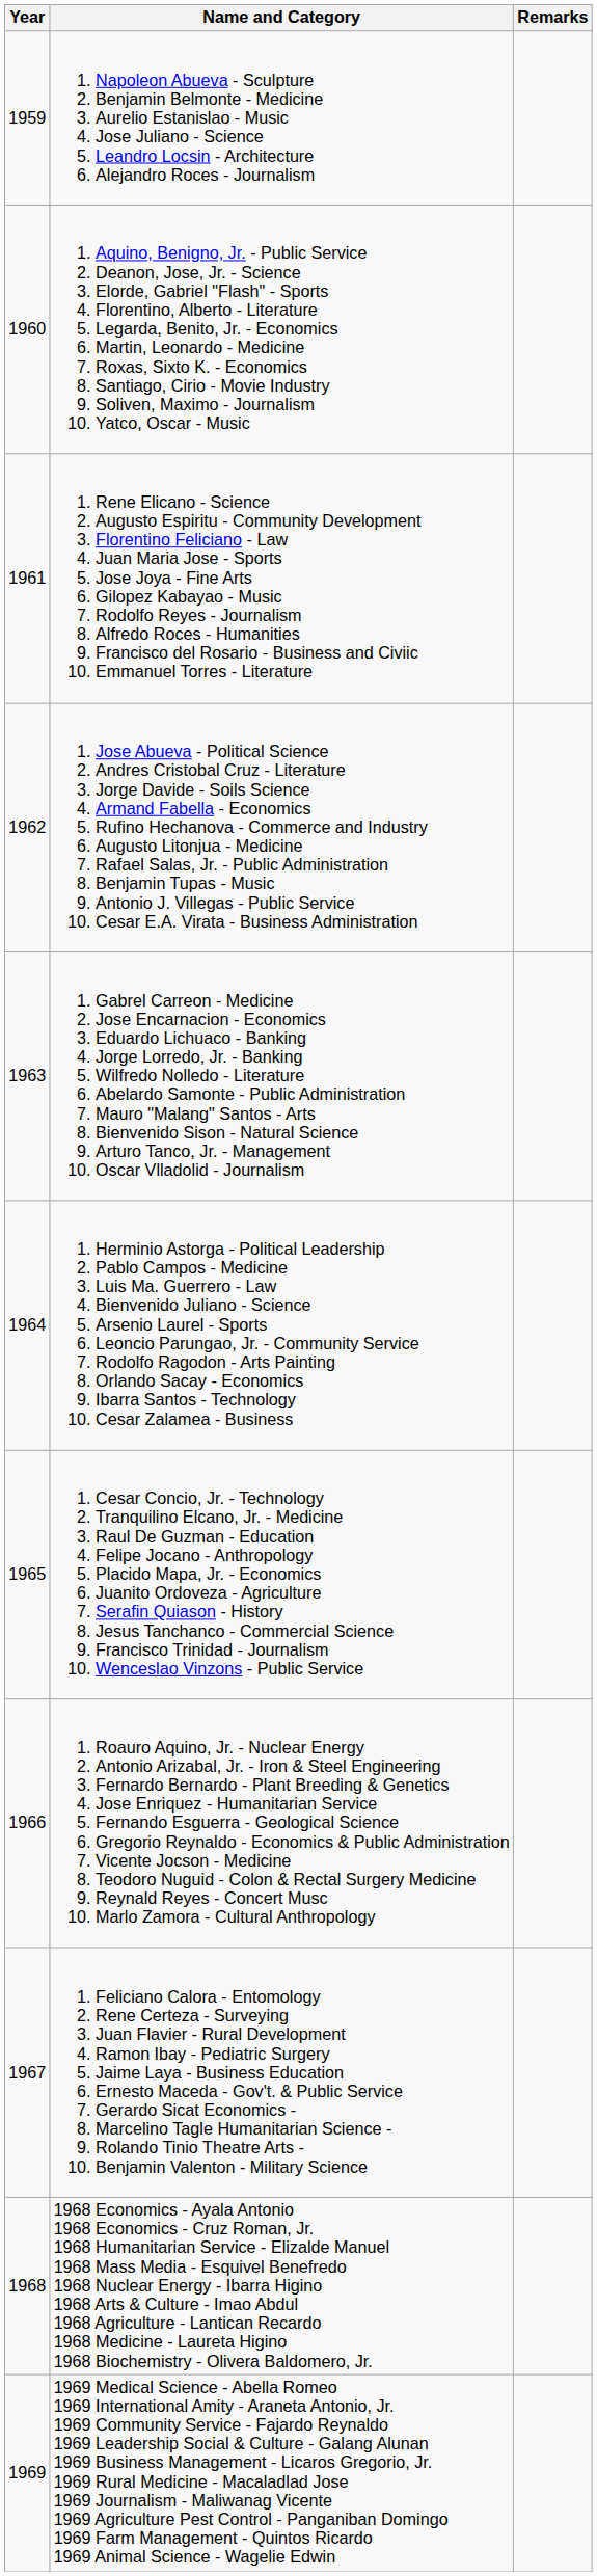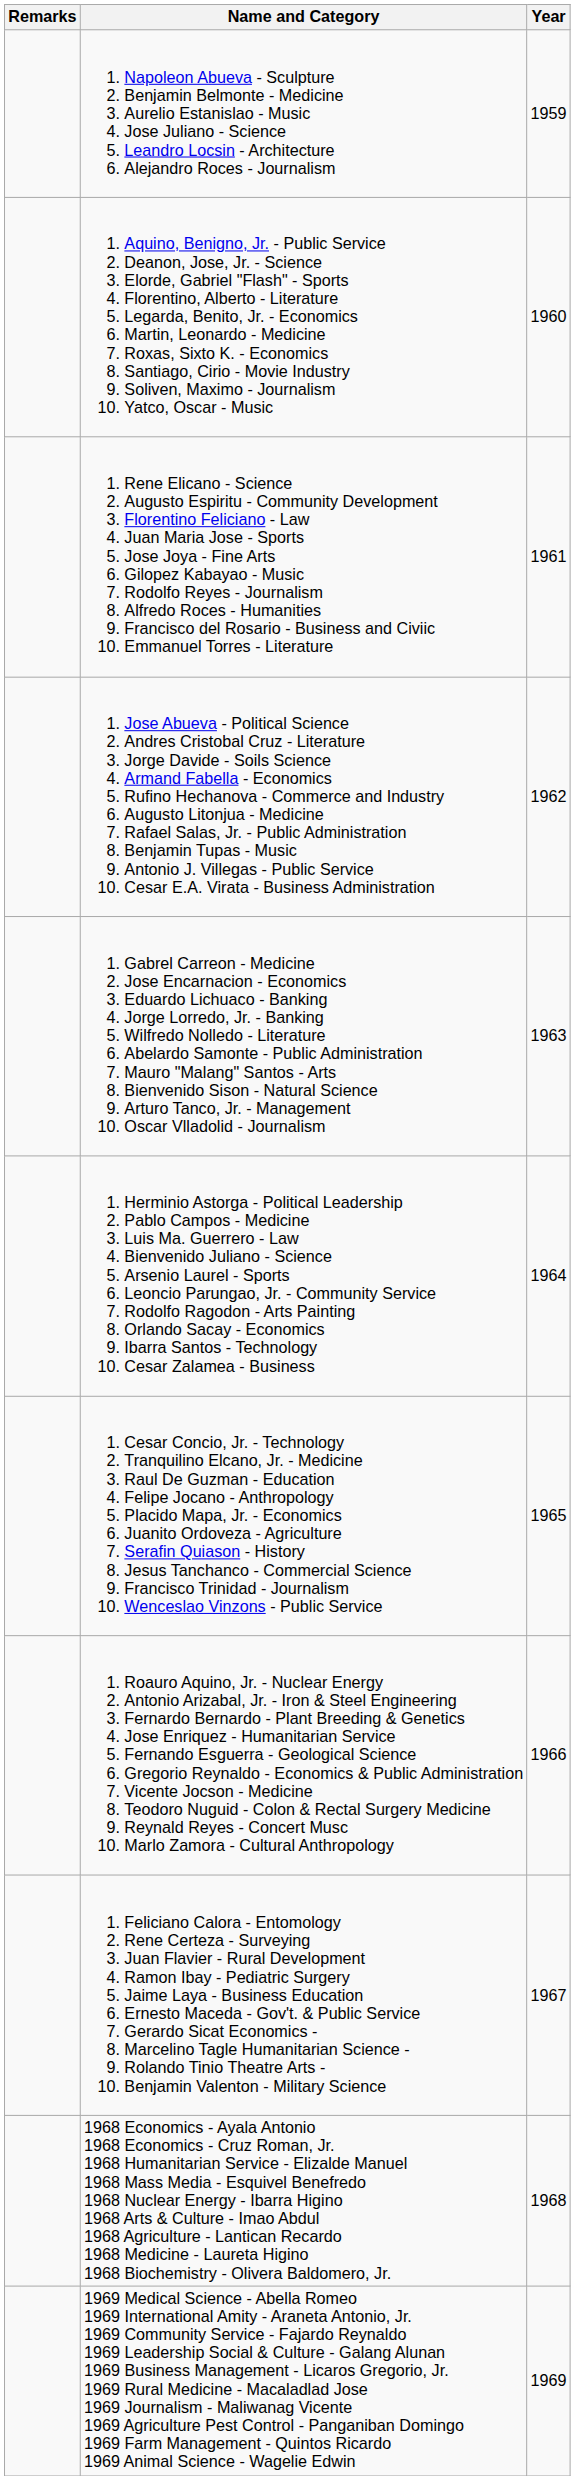 <table class="wikitable">
 <tr>
+<th>Remarks</th>
+<th>Name and Category</th>
 <th>Year</th>
-<th>Name and Category</th>
-<th>Remarks</th>
 </tr>
 <tr>
+<td></td>
+<td><br><ol><li><a href='#'>Napoleon Abueva</a>  - Sculpture</li><li>Benjamin Belmonte - Medicine</li><li>Aurelio Estanislao - Music</li><li>Jose Juliano - Science</li><li><a href='#'>Leandro Locsin</a> - Architecture</li><li>Alejandro Roces - Journalism</li></ol></td>
 <td>1959</td>
-<td><br><ol><li><a href='#'>Napoleon Abueva</a>  - Sculpture</li><li>Benjamin Belmonte - Medicine</li><li>Aurelio Estanislao - Music</li><li>Jose Juliano - Science</li><li><a href='#'>Leandro Locsin</a> - Architecture</li><li>Alejandro Roces - Journalism</li></ol></td>
-<td></td>
 </tr>
 <tr>
+<td></td>
+<td><br><ol><li><a href='#'>Aquino, Benigno, Jr.</a> - Public Service</li><li>Deanon, Jose, Jr. - Science</li><li>Elorde, Gabriel "Flash" - Sports</li><li>Florentino, Alberto - Literature</li><li>Legarda, Benito, Jr. - Economics</li><li>Martin, Leonardo - Medicine</li><li>Roxas, Sixto K. - Economics</li><li>Santiago, Cirio - Movie Industry</li><li>Soliven, Maximo - Journalism</li><li>Yatco, Oscar - Music</li></ol></td>
 <td>1960</td>
-<td><br><ol><li><a href='#'>Aquino, Benigno, Jr.</a> - Public Service</li><li>Deanon, Jose, Jr. - Science</li><li>Elorde, Gabriel "Flash" - Sports</li><li>Florentino, Alberto - Literature</li><li>Legarda, Benito, Jr. - Economics</li><li>Martin, Leonardo - Medicine</li><li>Roxas, Sixto K. - Economics</li><li>Santiago, Cirio - Movie Industry</li><li>Soliven, Maximo - Journalism</li><li>Yatco, Oscar - Music</li></ol></td>
-<td></td>
 </tr>
 <tr>
+<td></td>
+<td><br><ol><li>Rene Elicano - Science</li><li>Augusto Espiritu - Community Development</li><li><a href='#'>Florentino Feliciano</a> - Law</li><li>Juan Maria Jose - Sports</li><li>Jose Joya - Fine Arts</li><li>Gilopez Kabayao - Music</li><li>Rodolfo Reyes - Journalism</li><li>Alfredo Roces - Humanities</li><li>Francisco del Rosario - Business and Civiic</li><li>Emmanuel Torres - Literature</li></ol></td>
 <td>1961</td>
-<td><br><ol><li>Rene Elicano - Science</li><li>Augusto Espiritu - Community Development</li><li><a href='#'>Florentino Feliciano</a> - Law</li><li>Juan Maria Jose - Sports</li><li>Jose Joya - Fine Arts</li><li>Gilopez Kabayao - Music</li><li>Rodolfo Reyes - Journalism</li><li>Alfredo Roces - Humanities</li><li>Francisco del Rosario - Business and Civiic</li><li>Emmanuel Torres - Literature</li></ol></td>
-<td></td>
 </tr>
 <tr>
+<td></td>
+<td><br><ol><li><a href='#'>Jose Abueva</a> - Political Science</li><li>Andres Cristobal Cruz - Literature</li><li>Jorge Davide - Soils Science</li><li><a href='#'>Armand Fabella</a> - Economics</li><li>Rufino Hechanova - Commerce and Industry</li><li>Augusto Litonjua - Medicine</li><li>Rafael Salas, Jr. - Public Administration</li><li>Benjamin Tupas - Music</li><li>Antonio J. Villegas - Public Service</li><li>Cesar E.A. Virata - Business Administration</li></ol></td>
 <td>1962</td>
-<td><br><ol><li><a href='#'>Jose Abueva</a> - Political Science</li><li>Andres Cristobal Cruz - Literature</li><li>Jorge Davide - Soils Science</li><li><a href='#'>Armand Fabella</a> - Economics</li><li>Rufino Hechanova - Commerce and Industry</li><li>Augusto Litonjua - Medicine</li><li>Rafael Salas, Jr. - Public Administration</li><li>Benjamin Tupas - Music</li><li>Antonio J. Villegas - Public Service</li><li>Cesar E.A. Virata - Business Administration</li></ol></td>
-<td></td>
 </tr>
 <tr>
+<td></td>
+<td><br><ol><li>Gabrel Carreon - Medicine</li><li>Jose Encarnacion - Economics</li><li>Eduardo Lichuaco - Banking</li><li>Jorge Lorredo, Jr. - Banking</li><li>Wilfredo Nolledo - Literature</li><li>Abelardo Samonte - Public Administration</li><li>Mauro "Malang" Santos - Arts</li><li>Bienvenido Sison - Natural Science</li><li>Arturo Tanco, Jr. - Management</li><li>Oscar Vlladolid - Journalism</li></ol></td>
 <td>1963</td>
-<td><br><ol><li>Gabrel Carreon - Medicine</li><li>Jose Encarnacion - Economics</li><li>Eduardo Lichuaco - Banking</li><li>Jorge Lorredo, Jr. - Banking</li><li>Wilfredo Nolledo - Literature</li><li>Abelardo Samonte - Public Administration</li><li>Mauro "Malang" Santos - Arts</li><li>Bienvenido Sison - Natural Science</li><li>Arturo Tanco, Jr. - Management</li><li>Oscar Vlladolid - Journalism</li></ol></td>
-<td></td>
 </tr>
 <tr>
+<td></td>
+<td><br><ol><li>Herminio Astorga - Political Leadership</li><li>Pablo Campos - Medicine</li><li>Luis Ma. Guerrero - Law</li><li>Bienvenido Juliano - Science</li><li>Arsenio Laurel - Sports</li><li>Leoncio Parungao, Jr. - Community Service</li><li>Rodolfo Ragodon - Arts Painting</li><li>Orlando Sacay - Economics</li><li>Ibarra Santos - Technology</li><li>Cesar Zalamea - Business</li></ol></td>
 <td>1964</td>
-<td><br><ol><li>Herminio Astorga - Political Leadership</li><li>Pablo Campos - Medicine</li><li>Luis Ma. Guerrero - Law</li><li>Bienvenido Juliano - Science</li><li>Arsenio Laurel - Sports</li><li>Leoncio Parungao, Jr. - Community Service</li><li>Rodolfo Ragodon - Arts Painting</li><li>Orlando Sacay - Economics</li><li>Ibarra Santos - Technology</li><li>Cesar Zalamea - Business</li></ol></td>
-<td></td>
 </tr>
 <tr>
+<td></td>
+<td><br><ol><li>Cesar Concio, Jr. - Technology</li><li>Tranquilino Elcano, Jr. - Medicine</li><li>Raul De Guzman - Education</li><li>Felipe Jocano - Anthropology</li><li>Placido Mapa, Jr. - Economics</li><li>Juanito Ordoveza - Agriculture</li><li><a href='#'>Serafin Quiason</a> - History</li><li>Jesus Tanchanco - Commercial Science</li><li>Francisco Trinidad - Journalism</li><li><a href='#'>Wenceslao Vinzons</a> - Public Service</li></ol></td>
 <td>1965</td>
-<td><br><ol><li>Cesar Concio, Jr. - Technology</li><li>Tranquilino Elcano, Jr. - Medicine</li><li>Raul De Guzman - Education</li><li>Felipe Jocano - Anthropology</li><li>Placido Mapa, Jr. - Economics</li><li>Juanito Ordoveza - Agriculture</li><li><a href='#'>Serafin Quiason</a> - History</li><li>Jesus Tanchanco - Commercial Science</li><li>Francisco Trinidad - Journalism</li><li><a href='#'>Wenceslao Vinzons</a> - Public Service</li></ol></td>
-<td></td>
 </tr>
 <tr>
+<td></td>
+<td><br><ol><li>Roauro Aquino, Jr. - Nuclear Energy</li><li>Antonio Arizabal, Jr. - Iron & Steel Engineering</li><li>Fernardo Bernardo - Plant Breeding & Genetics</li><li>Jose Enriquez - Humanitarian Service</li><li>Fernando Esguerra - Geological Science</li><li>Gregorio Reynaldo - Economics & Public Administration</li><li>Vicente Jocson - Medicine</li><li>Teodoro Nuguid - Colon & Rectal Surgery Medicine</li><li>Reynald Reyes - Concert Musc</li><li>Marlo Zamora - Cultural Anthropology</li></ol></td>
 <td>1966</td>
-<td><br><ol><li>Roauro Aquino, Jr. - Nuclear Energy</li><li>Antonio Arizabal, Jr. - Iron & Steel Engineering</li><li>Fernardo Bernardo - Plant Breeding & Genetics</li><li>Jose Enriquez - Humanitarian Service</li><li>Fernando Esguerra - Geological Science</li><li>Gregorio Reynaldo - Economics & Public Administration</li><li>Vicente Jocson - Medicine</li><li>Teodoro Nuguid - Colon & Rectal Surgery Medicine</li><li>Reynald Reyes - Concert Musc</li><li>Marlo Zamora - Cultural Anthropology</li></ol></td>
-<td></td>
 </tr>
 <tr>
+<td></td>
+<td><br><ol><li>Feliciano Calora - Entomology</li><li>Rene Certeza - Surveying</li><li>Juan Flavier - Rural Development</li><li>Ramon Ibay - Pediatric Surgery</li><li>Jaime Laya - Business Education</li><li>Ernesto Maceda - Gov't. & Public Service</li><li>Gerardo Sicat   Economics -</li><li>Marcelino Tagle  Humanitarian Science -</li><li>Rolando Tinio  Theatre Arts -</li><li>Benjamin Valenton - Military Science</li></ol></td>
 <td>1967</td>
-<td><br><ol><li>Feliciano Calora - Entomology</li><li>Rene Certeza - Surveying</li><li>Juan Flavier - Rural Development</li><li>Ramon Ibay - Pediatric Surgery</li><li>Jaime Laya - Business Education</li><li>Ernesto Maceda - Gov't. & Public Service</li><li>Gerardo Sicat   Economics -</li><li>Marcelino Tagle  Humanitarian Science -</li><li>Rolando Tinio  Theatre Arts -</li><li>Benjamin Valenton - Military Science</li></ol></td>
-<td></td>
 </tr>
 <tr>
+<td></td>
+<td>1968 Economics - Ayala Antonio<br>1968 Economics - Cruz Roman, Jr.<br>1968 Humanitarian Service - Elizalde Manuel<br>1968 Mass Media - Esquivel Benefredo<br>1968 Nuclear Energy - Ibarra Higino<br>1968 Arts & Culture - Imao Abdul<br>1968 Agriculture - Lantican Recardo<br>1968 Medicine - Laureta Higino<br>1968 Biochemistry - Olivera Baldomero, Jr.</td>
 <td>1968</td>
-<td>1968 Economics - Ayala Antonio<br>1968 Economics - Cruz Roman, Jr.<br>1968 Humanitarian Service - Elizalde Manuel<br>1968 Mass Media - Esquivel Benefredo<br>1968 Nuclear Energy - Ibarra Higino<br>1968 Arts & Culture - Imao Abdul<br>1968 Agriculture - Lantican Recardo<br>1968 Medicine - Laureta Higino<br>1968 Biochemistry - Olivera Baldomero, Jr.</td>
-<td></td>
 </tr>
 <tr>
+<td></td>
+<td>1969 Medical Science - Abella Romeo<br>1969 International Amity - Araneta Antonio, Jr.<br>1969 Community Service - Fajardo Reynaldo<br>1969 Leadership Social & Culture - Galang Alunan<br>1969 Business Management - Licaros Gregorio, Jr.<br>1969 Rural Medicine - Macaladlad Jose<br>1969 Journalism - Maliwanag Vicente<br>1969 Agriculture Pest Control - Panganiban Domingo<br>1969 Farm Management - Quintos Ricardo<br>1969 Animal Science - Wagelie Edwin</td>
 <td>1969</td>
-<td>1969 Medical Science - Abella Romeo<br>1969 International Amity - Araneta Antonio, Jr.<br>1969 Community Service - Fajardo Reynaldo<br>1969 Leadership Social & Culture - Galang Alunan<br>1969 Business Management - Licaros Gregorio, Jr.<br>1969 Rural Medicine - Macaladlad Jose<br>1969 Journalism - Maliwanag Vicente<br>1969 Agriculture Pest Control - Panganiban Domingo<br>1969 Farm Management - Quintos Ricardo<br>1969 Animal Science - Wagelie Edwin</td>
-<td></td>
 </tr>
 </table>
